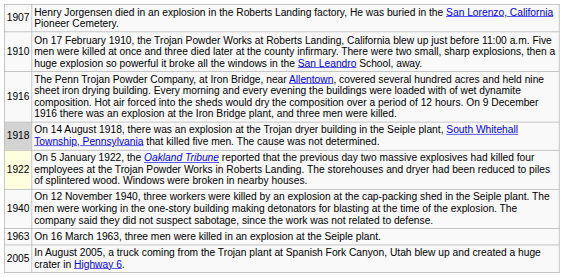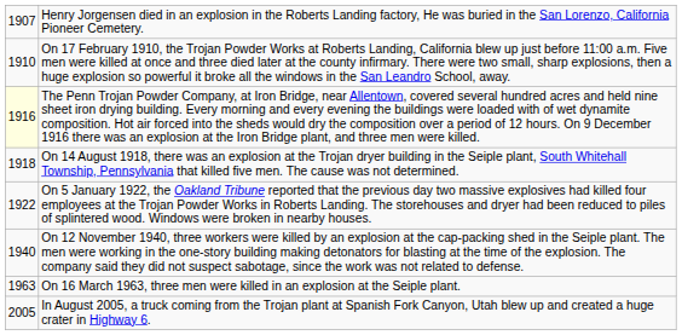 <table class=wikitable>
 <tr>
 <td>1907</td>
 <td>Henry Jorgensen died in an explosion in the Roberts Landing factory, He was buried in the <a href='#'>San Lorenzo, California</a> Pioneer Cemetery.</td>
 </tr>
 <tr>
 <td>1910</td>
 <td>On 17 February 1910, the Trojan Powder Works at Roberts Landing, California blew up just before 11:00 a.m. Five men were killed at once and three died later at the county infirmary. There were two small, sharp explosions, then a huge explosion so powerful it broke all the windows in the <a href='#'>San Leandro</a> School,  away.</td>
 </tr>
 <tr>
-<td>1916</td>
+<td style="background: lightyellow;">1916</td>
 <td>The Penn Trojan Powder Company, at Iron Bridge, near <a href='#'>Allentown</a>, covered several hundred acres and held nine  sheet iron drying building. Every morning and every evening the buildings were loaded with  of wet dynamite composition. Hot air forced into the sheds would dry the composition over a period of 12 hours. On 9 December 1916 there was an explosion at the Iron Bridge plant, and three men were killed.</td>
 </tr>
 <tr>
-<td style="background: lightgrey;">1918</td>
+<td>1918</td>
 <td>On 14 August 1918, there was an explosion at the Trojan dryer building in the Seiple plant, <a href='#'>South Whitehall Township, Pennsylvania</a> that killed five men. The cause was not determined.</td>
 </tr>
 <tr>
-<td style="background: lightyellow;">1922</td>
+<td>1922</td>
 <td>On 5 January 1922, the <em><a href='#'>Oakland Tribune</a></em> reported that the previous day two massive explosives had killed four employees at the Trojan Powder Works in Roberts Landing. The storehouses and dryer had been reduced to piles of splintered wood. Windows were broken in nearby houses.</td>
 </tr>
 <tr>
 <td>1940</td>
 <td>On 12 November 1940, three workers were killed by an explosion at the cap-packing shed in the Seiple plant. The men were working in the one-story building making detonators for blasting at the time of the explosion. The company said they did not suspect sabotage, since the work was not related to defense.</td>
 </tr>
 <tr>
 <td>1963</td>
 <td>On 16 March 1963, three men were killed in an explosion at the Seiple plant.</td>
 </tr>
 <tr>
 <td>2005</td>
 <td>In August 2005, a truck coming from the Trojan plant at Spanish Fork Canyon, Utah blew up and created a huge crater in <a href='#'>Highway 6</a>.</td>
 </tr>
 </table>
